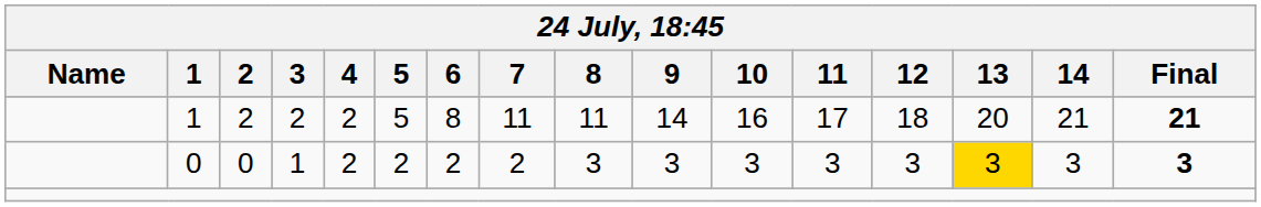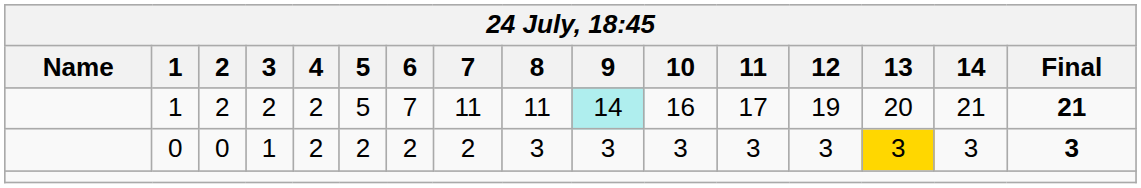 <table class=wikitable style="text-align:center; width: 55%">
 <tr>
 <th colspan=17><em>24 July, 18:45</em></th>
 </tr>
 <tr>
 <th>Name</th>
 <th>1</th>
 <th>2</th>
 <th>3</th>
 <th>4</th>
 <th>5</th>
 <th>6</th>
 <th>7</th>
 <th>8</th>
 <th>9</th>
 <th>10</th>
 <th>11</th>
 <th>12</th>
 <th>13</th>
 <th>14</th>
 <th>Final</th>
 </tr>
 <tr>
 <td align=left><strong></strong></td>
 <td>1</td>
 <td>2</td>
 <td>2</td>
 <td>2</td>
 <td>5</td>
-<td>8</td>
+<td>7</td>
 <td>11</td>
 <td>11</td>
-<td>14</td>
+<td style="background: paleturquoise;">14</td>
 <td>16</td>
 <td>17</td>
-<td>18</td>
+<td>19</td>
 <td>20</td>
 <td>21</td>
 <td><strong>21</strong></td>
 </tr>
 <tr>
 <td align=left></td>
 <td>0</td>
 <td>0</td>
 <td>1</td>
 <td>2</td>
 <td>2</td>
 <td>2</td>
 <td>2</td>
 <td>3</td>
 <td>3</td>
 <td>3</td>
 <td>3</td>
 <td>3</td>
 <td style="background: gold;">3</td>
 <td>3</td>
 <td><strong>3</strong></td>
 </tr>
 <tr>
 <td colspan=17></td>
 </tr>
 </table>
